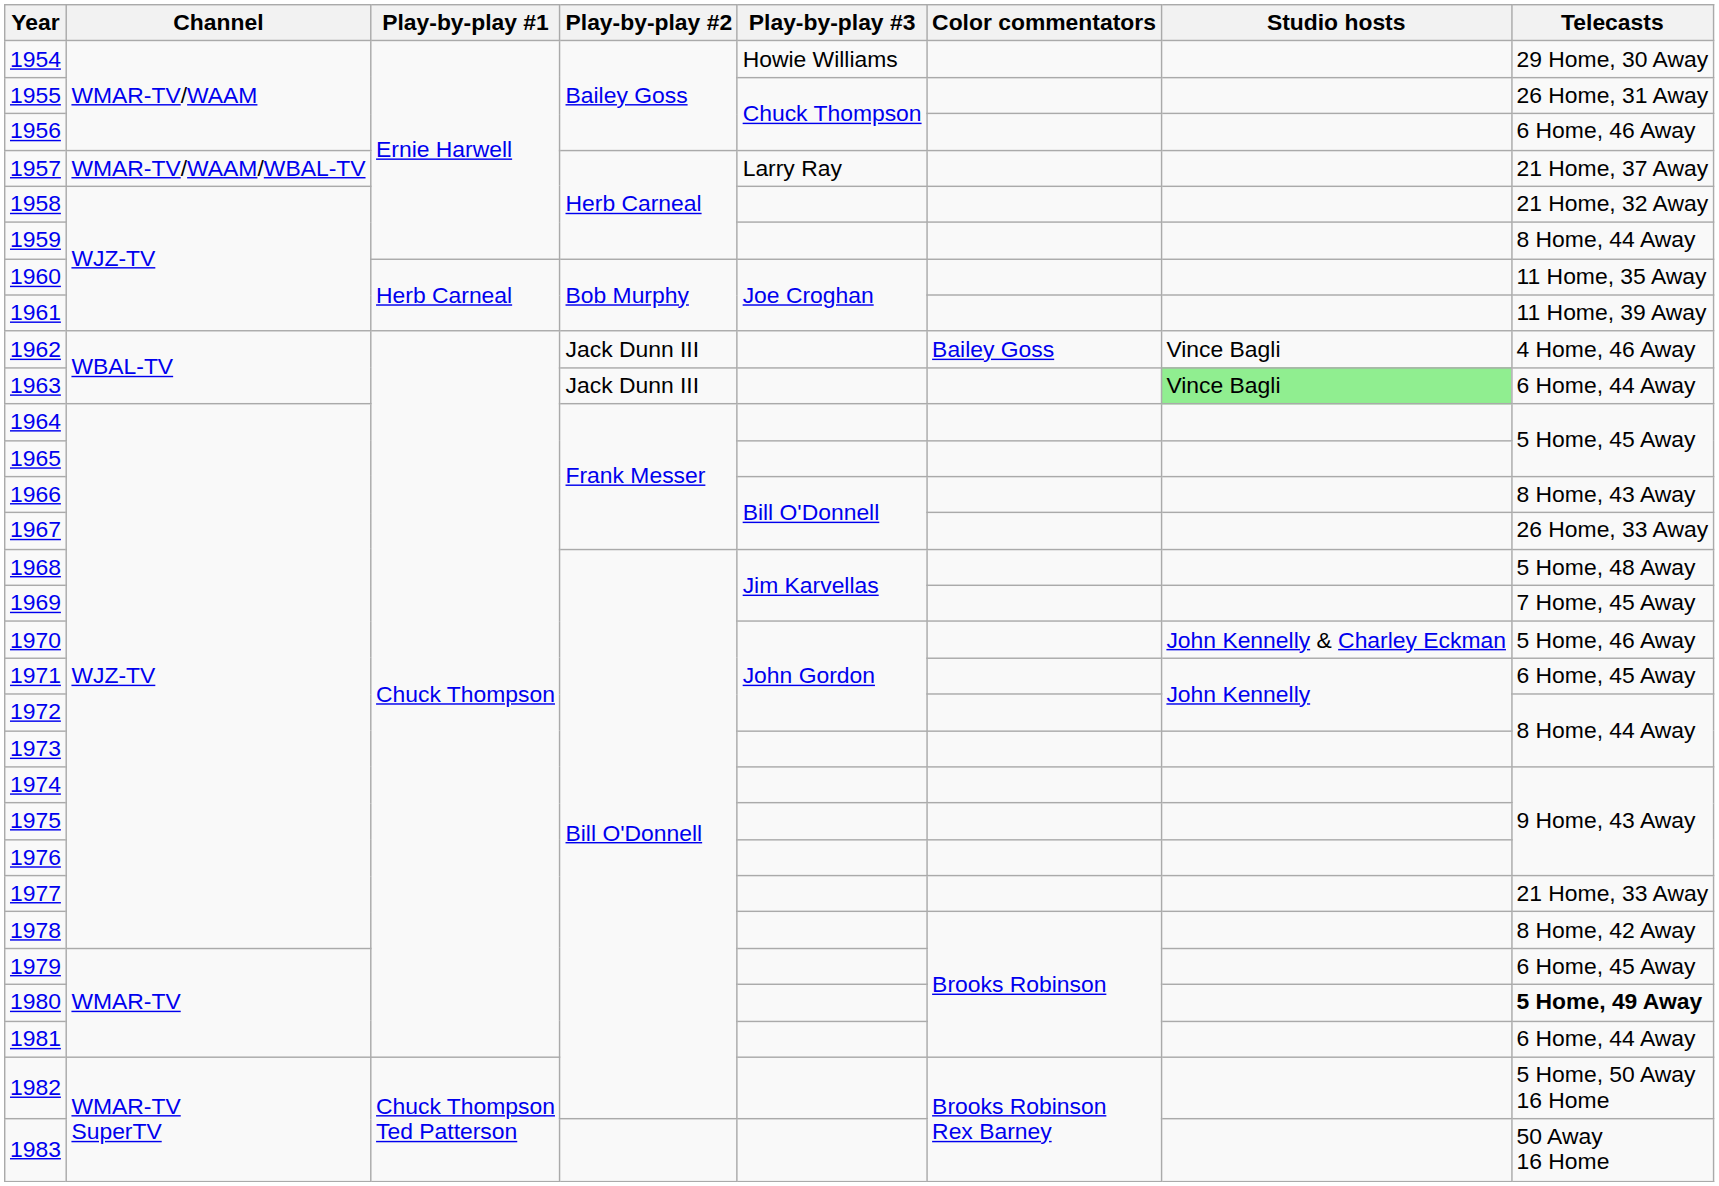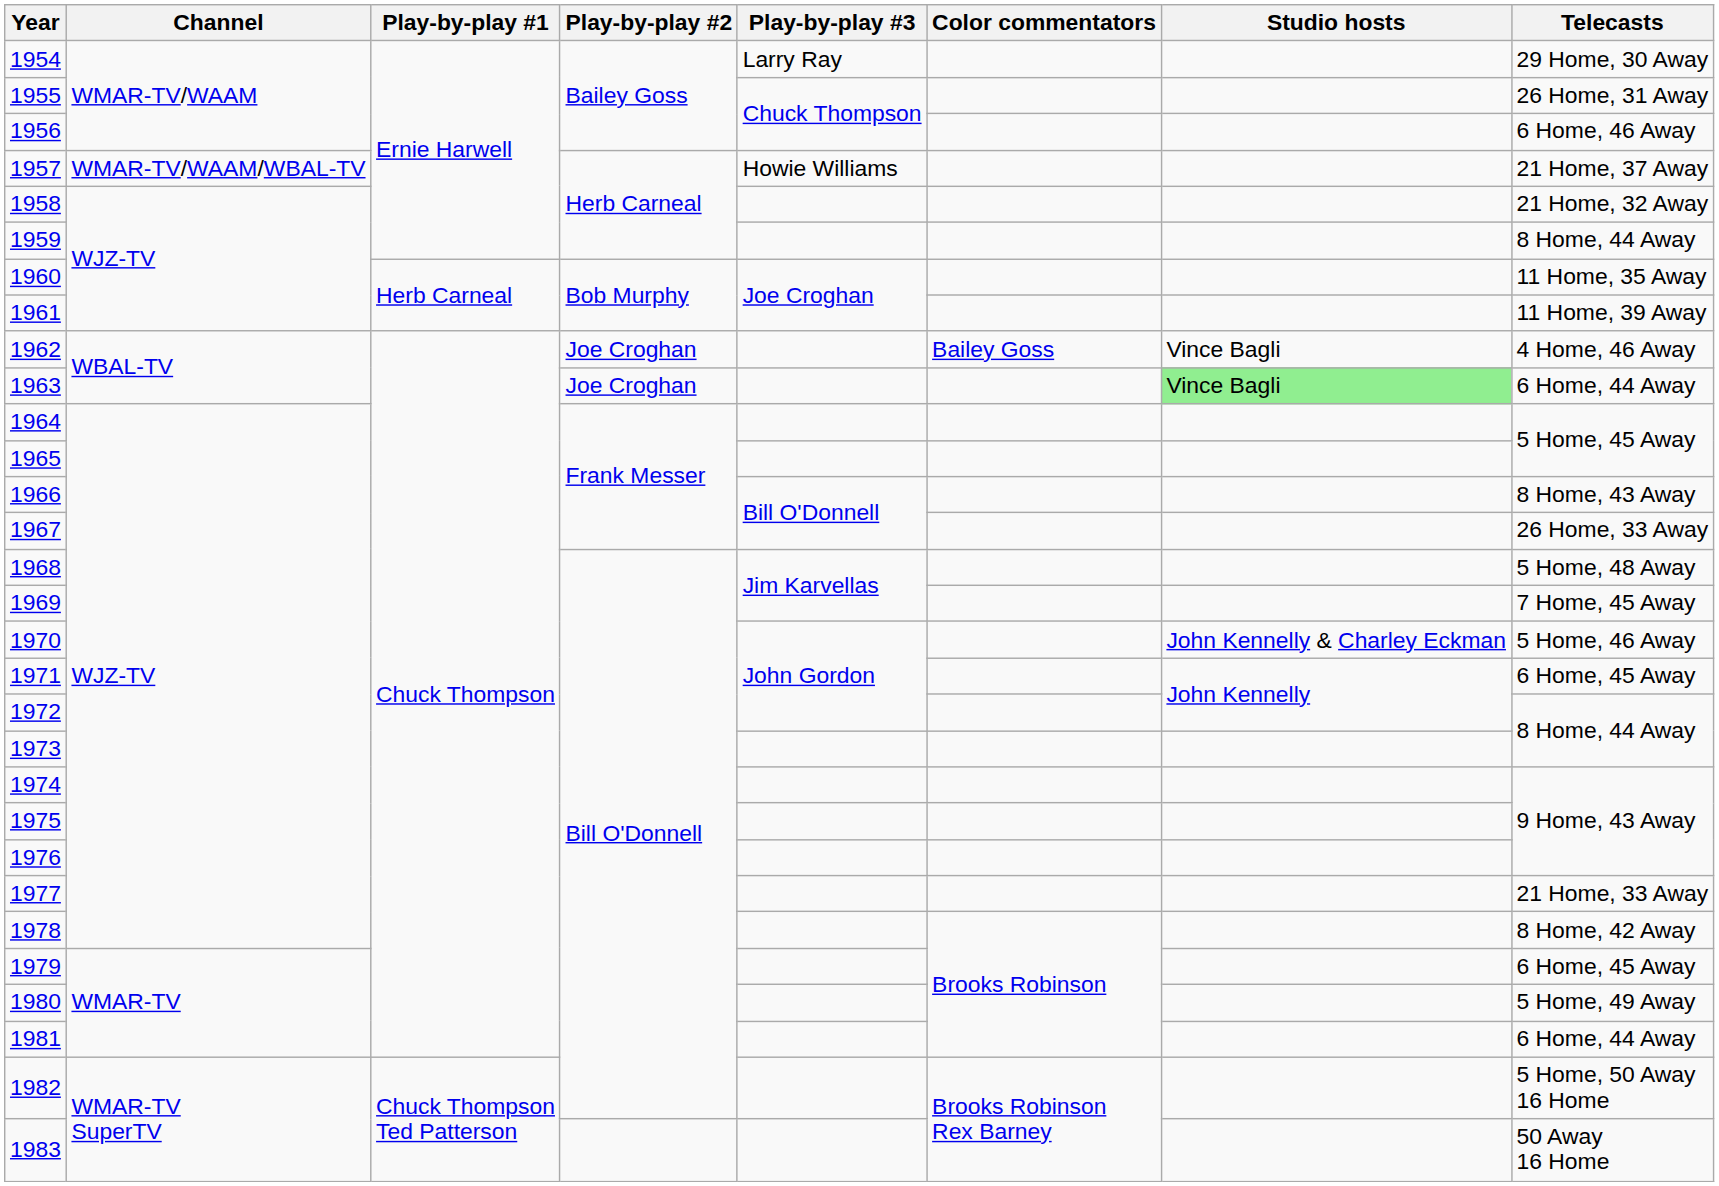 <table class="wikitable">
 <tr>
 <th>Year</th>
 <th>Channel</th>
 <th>Play-by-play #1</th>
 <th>Play-by-play #2</th>
 <th>Play-by-play #3</th>
 <th>Color commentators</th>
 <th>Studio hosts</th>
 <th>Telecasts</th>
 </tr>
 <tr>
 <td><a href='#'>1954</a></td>
 <td rowspan=3><a href='#'>WMAR-TV</a>/<a href='#'>WAAM</a></td>
 <td rowspan=6><a href='#'>Ernie Harwell</a></td>
 <td rowspan=3><a href='#'>Bailey Goss</a></td>
-<td>Howie Williams</td>
+<td>Larry Ray</td>
 <td></td>
 <td></td>
 <td>29 Home, 30 Away</td>
 </tr>
 <tr>
 <td><a href='#'>1955</a></td>
 <td rowspan=2><a href='#'>Chuck Thompson</a></td>
 <td></td>
 <td></td>
 <td>26 Home, 31 Away</td>
 </tr>
 <tr>
 <td><a href='#'>1956</a></td>
 <td></td>
 <td></td>
 <td>6 Home, 46 Away</td>
 </tr>
 <tr>
 <td><a href='#'>1957</a></td>
 <td><a href='#'>WMAR-TV</a>/<a href='#'>WAAM</a>/<a href='#'>WBAL-TV</a></td>
 <td rowspan=3><a href='#'>Herb Carneal</a></td>
-<td>Larry Ray</td>
+<td>Howie Williams</td>
 <td></td>
 <td></td>
 <td>21 Home, 37 Away</td>
 </tr>
 <tr>
 <td><a href='#'>1958</a></td>
 <td rowspan=4><a href='#'>WJZ-TV</a></td>
 <td></td>
 <td></td>
 <td></td>
 <td>21 Home, 32 Away</td>
 </tr>
 <tr>
 <td><a href='#'>1959</a></td>
 <td></td>
 <td></td>
 <td></td>
 <td>8 Home, 44 Away</td>
 </tr>
 <tr>
 <td><a href='#'>1960</a></td>
 <td rowspan=2><a href='#'>Herb Carneal</a></td>
 <td rowspan=2><a href='#'>Bob Murphy</a></td>
 <td rowspan=2><a href='#'>Joe Croghan</a></td>
 <td></td>
 <td></td>
 <td>11 Home, 35 Away</td>
 </tr>
 <tr>
 <td><a href='#'>1961</a></td>
 <td></td>
 <td></td>
 <td>11 Home, 39 Away</td>
 </tr>
 <tr>
 <td><a href='#'>1962</a></td>
 <td rowspan=2><a href='#'>WBAL-TV</a></td>
 <td rowspan=20><a href='#'>Chuck Thompson</a></td>
-<td>Jack Dunn III</td>
+<td><a href='#'>Joe Croghan</a></td>
 <td></td>
 <td><a href='#'>Bailey Goss</a></td>
 <td>Vince Bagli</td>
 <td>4 Home, 46 Away</td>
 </tr>
 <tr>
 <td><a href='#'>1963</a></td>
-<td>Jack Dunn III</td>
+<td><a href='#'>Joe Croghan</a></td>
 <td></td>
 <td></td>
 <td style="background: lightgreen;">Vince Bagli</td>
 <td>6 Home, 44 Away</td>
 </tr>
 <tr>
 <td><a href='#'>1964</a></td>
 <td rowspan=15><a href='#'>WJZ-TV</a></td>
 <td rowspan=4><a href='#'>Frank Messer</a></td>
 <td></td>
 <td></td>
 <td></td>
 <td rowspan=2>5 Home, 45 Away</td>
 </tr>
 <tr>
 <td><a href='#'>1965</a></td>
 <td></td>
 <td></td>
 <td></td>
 </tr>
 <tr>
 <td><a href='#'>1966</a></td>
 <td rowspan=2><a href='#'>Bill O'Donnell</a></td>
 <td></td>
 <td></td>
 <td>8 Home, 43 Away</td>
 </tr>
 <tr>
 <td><a href='#'>1967</a></td>
 <td></td>
 <td></td>
 <td>26 Home, 33 Away</td>
 </tr>
 <tr>
 <td><a href='#'>1968</a></td>
 <td rowspan=15><a href='#'>Bill O'Donnell</a></td>
 <td rowspan=2><a href='#'>Jim Karvellas</a></td>
 <td></td>
 <td></td>
 <td>5 Home, 48 Away</td>
 </tr>
 <tr>
 <td><a href='#'>1969</a></td>
 <td></td>
 <td></td>
 <td>7 Home, 45 Away</td>
 </tr>
 <tr>
 <td><a href='#'>1970</a></td>
 <td rowspan=3><a href='#'>John Gordon</a></td>
 <td></td>
 <td><a href='#'>John Kennelly</a> & <a href='#'>Charley Eckman</a></td>
 <td>5 Home, 46 Away</td>
 </tr>
 <tr>
 <td><a href='#'>1971</a></td>
 <td></td>
 <td rowspan=2><a href='#'>John Kennelly</a></td>
 <td>6 Home, 45 Away</td>
 </tr>
 <tr>
 <td><a href='#'>1972</a></td>
 <td></td>
 <td rowspan=2>8 Home, 44 Away</td>
 </tr>
 <tr>
 <td><a href='#'>1973</a></td>
 <td></td>
 <td></td>
 <td></td>
 </tr>
 <tr>
 <td><a href='#'>1974</a></td>
 <td></td>
 <td></td>
 <td></td>
 <td rowspan=3>9 Home, 43 Away</td>
 </tr>
 <tr>
 <td><a href='#'>1975</a></td>
 <td></td>
 <td></td>
 <td></td>
 </tr>
 <tr>
 <td><a href='#'>1976</a></td>
 <td></td>
 <td></td>
 <td></td>
 </tr>
 <tr>
 <td><a href='#'>1977</a></td>
 <td></td>
 <td></td>
 <td></td>
 <td>21 Home, 33 Away</td>
 </tr>
 <tr>
 <td><a href='#'>1978</a></td>
 <td></td>
 <td rowspan=4><a href='#'>Brooks Robinson</a></td>
 <td></td>
 <td>8 Home, 42 Away</td>
 </tr>
 <tr>
 <td><a href='#'>1979</a></td>
 <td rowspan=3><a href='#'>WMAR-TV</a></td>
 <td></td>
 <td></td>
 <td>6 Home, 45 Away</td>
 </tr>
 <tr>
 <td><a href='#'>1980</a></td>
 <td></td>
 <td></td>
-<td><strong>5 Home, 49 Away</strong></td>
+<td>5 Home, 49 Away</td>
 </tr>
 <tr>
 <td><a href='#'>1981</a></td>
 <td></td>
 <td></td>
 <td>6 Home, 44 Away</td>
 </tr>
 <tr>
 <td><a href='#'>1982</a></td>
 <td rowspan=2><a href='#'>WMAR-TV</a><br><a href='#'>SuperTV</a></td>
 <td rowspan=2><a href='#'>Chuck Thompson</a><br><a href='#'>Ted Patterson</a></td>
 <td></td>
 <td rowspan=2><a href='#'>Brooks Robinson</a><br><a href='#'>Rex Barney</a></td>
 <td></td>
 <td>5 Home, 50 Away<br>16 Home</td>
 </tr>
 <tr>
 <td><a href='#'>1983</a></td>
 <td></td>
 <td></td>
 <td></td>
 <td>50 Away<br>16 Home</td>
 </tr>
 </table>
